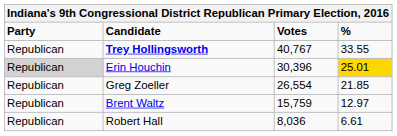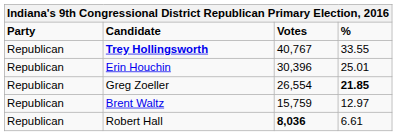 <table class="wikitable">
 <tr>
 <th colspan="4">Indiana's 9th Congressional District Republican Primary Election, 2016</th>
 </tr>
 <tr>
 <td><strong>Party</strong></td>
 <td><strong>Candidate</strong></td>
 <td><strong>Votes</strong></td>
 <td><strong>%</strong></td>
 </tr>
 <tr>
 <td>Republican</td>
 <td><strong><a href='#'>Trey Hollingsworth</a></strong></td>
 <td>40,767</td>
 <td>33.55</td>
 </tr>
 <tr>
-<td style="background: lightgrey;">Republican</td>
+<td>Republican</td>
 <td><a href='#'>Erin Houchin</a></td>
 <td>30,396</td>
-<td style="background: gold;">25.01</td>
+<td>25.01</td>
 </tr>
 <tr>
 <td>Republican</td>
 <td>Greg Zoeller</td>
 <td>26,554</td>
-<td>21.85</td>
+<td><strong>21.85</strong></td>
 </tr>
 <tr>
 <td>Republican</td>
 <td><a href='#'>Brent Waltz</a></td>
 <td>15,759</td>
 <td>12.97</td>
 </tr>
 <tr>
 <td>Republican</td>
 <td>Robert Hall</td>
-<td>8,036</td>
+<td><strong>8,036</strong></td>
 <td>6.61</td>
 </tr>
 </table>
